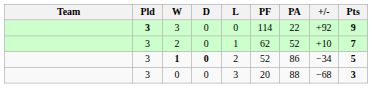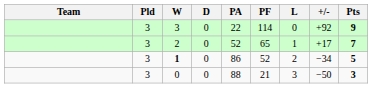 <table class="wikitable" style="text-align: center;">
 <tr>
 <th width="200">Team</th>
 <th width="40">Pld</th>
 <th width="40">W</th>
 <th width="40">D</th>
+<th width="40">PA</th>
+<th width="40">PF</th>
 <th width="40">L</th>
-<th width="40">PF</th>
-<th width="40">PA</th>
 <th width="40">+/-</th>
 <th width="40">Pts</th>
 </tr>
 <tr bgcolor=ccffcc>
 <td align=left></td>
-<td><strong>3</strong></td>
+<td>3</td>
 <td>3</td>
 <td>0</td>
+<td>22</td>
+<td>114</td>
 <td>0</td>
-<td>114</td>
-<td>22</td>
 <td>+92</td>
 <td><strong>9</strong></td>
 </tr>
 <tr bgcolor=ccffcc>
 <td align=left></td>
 <td>3</td>
 <td>2</td>
 <td>0</td>
+<td>52</td>
+<td>65</td>
 <td>1</td>
-<td>62</td>
-<td>52</td>
-<td>+10</td>
+<td>+17</td>
 <td><strong>7</strong></td>
 </tr>
 <tr>
 <td align=left></td>
 <td>3</td>
 <td><strong>1</strong></td>
-<td><strong>0</strong></td>
+<td>0</td>
+<td>86</td>
+<td>52</td>
 <td>2</td>
-<td>52</td>
-<td>86</td>
 <td>−34</td>
 <td><strong>5</strong></td>
 </tr>
 <tr>
 <td align=left></td>
 <td>3</td>
 <td>0</td>
 <td>0</td>
+<td>88</td>
+<td>21</td>
 <td>3</td>
-<td>20</td>
-<td>88</td>
-<td>−68</td>
+<td>−50</td>
 <td><strong>3</strong></td>
 </tr>
 </table>
